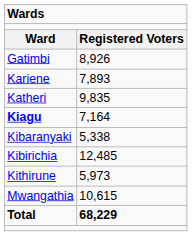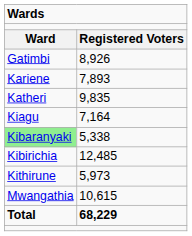 <table class="wikitable">
 <tr>
 <td colspan="2"><strong>Wards</strong></td>
 </tr>
 <tr>
 <td colspan="2"></td>
 </tr>
 <tr>
 <th>Ward</th>
 <th>Registered Voters</th>
 </tr>
 <tr>
 <td><a href='#'>Gatimbi</a></td>
 <td>8,926</td>
 </tr>
 <tr>
 <td><a href='#'>Kariene</a></td>
 <td>7,893</td>
 </tr>
 <tr>
 <td><a href='#'>Katheri</a></td>
 <td>9,835</td>
 </tr>
 <tr>
-<td><strong><a href='#'>Kiagu</a></strong></td>
+<td><a href='#'>Kiagu</a></td>
 <td>7,164</td>
 </tr>
 <tr>
-<td><a href='#'>Kibaranyaki</a></td>
+<td style="background: lightgreen;"><a href='#'>Kibaranyaki</a></td>
 <td>5,338</td>
 </tr>
 <tr>
 <td><a href='#'>Kibirichia</a></td>
 <td>12,485</td>
 </tr>
 <tr>
 <td><a href='#'>Kithirune</a></td>
 <td>5,973</td>
 </tr>
 <tr>
 <td><a href='#'>Mwangathia</a></td>
 <td>10,615</td>
 </tr>
 <tr>
 <td><strong>Total</strong></td>
 <td><strong>68,229</strong></td>
 </tr>
 <tr>
 <td colspan="2"></td>
 </tr>
 </table>
